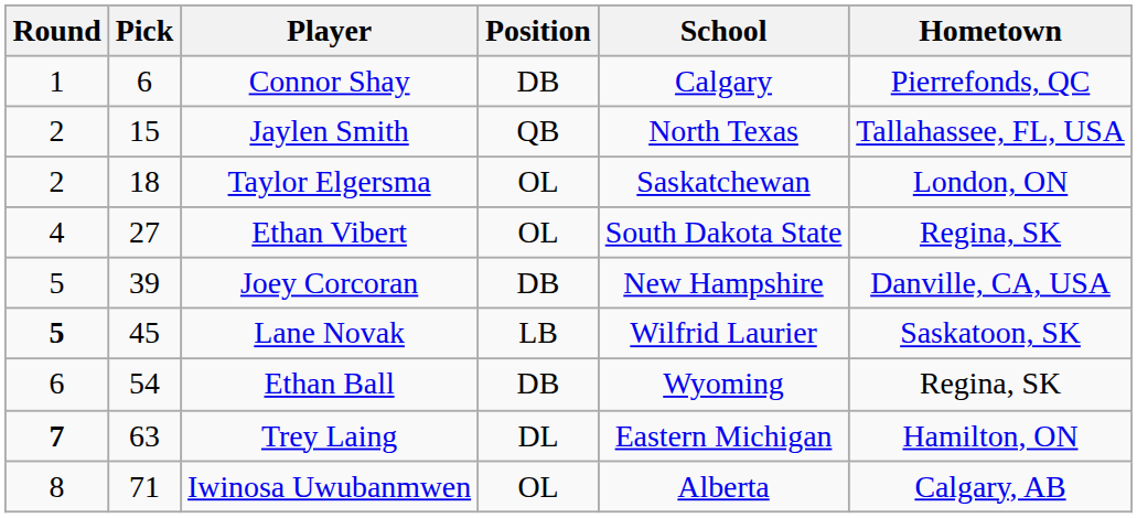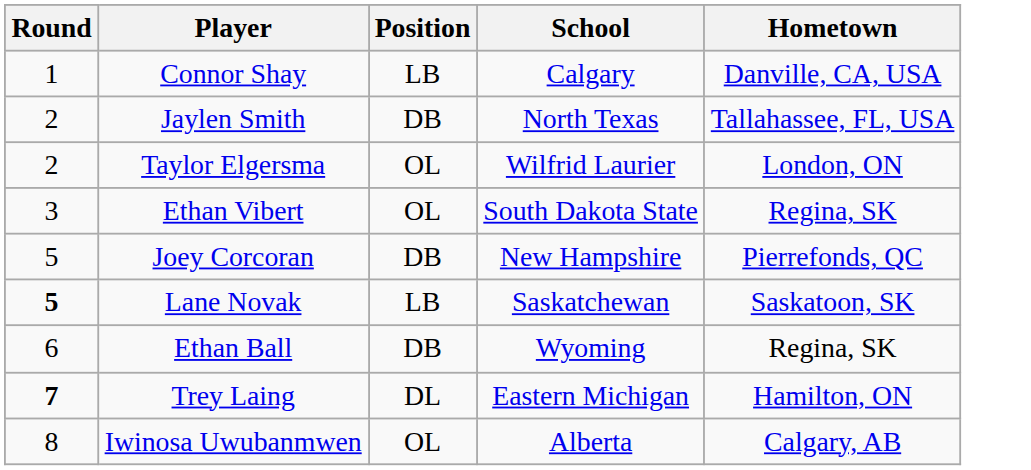 <table class="wikitable" style="font-size: 95%;">
 <tr>
 <th scope="col">Round</th>
-<th scope="col">Pick</th>
 <th scope="col">Player</th>
 <th scope="col">Position</th>
 <th scope="col">School</th>
 <th scope="col">Hometown</th>
 </tr>
 <tr align="center">
 <td align=center>1</td>
-<td>6</td>
 <td><a href='#'>Connor Shay</a></td>
-<td>DB</td>
+<td>LB</td>
 <td><a href='#'>Calgary</a></td>
-<td><a href='#'>Pierrefonds, QC</a></td>
+<td><a href='#'>Danville, CA, USA</a></td>
 </tr>
 <tr align="center">
 <td align=center>2</td>
-<td>15</td>
 <td><a href='#'>Jaylen Smith</a></td>
-<td>QB</td>
+<td>DB</td>
 <td><a href='#'>North Texas</a></td>
 <td><a href='#'>Tallahassee, FL, USA</a></td>
 </tr>
 <tr align="center">
 <td align=center>2</td>
-<td>18</td>
 <td><a href='#'>Taylor Elgersma</a></td>
 <td>OL</td>
-<td><a href='#'>Saskatchewan</a></td>
+<td><a href='#'>Wilfrid Laurier</a></td>
 <td><a href='#'>London, ON</a></td>
 </tr>
 <tr align="center">
-<td align=center>4</td>
-<td>27</td>
+<td align=center>3</td>
 <td><a href='#'>Ethan Vibert</a></td>
 <td>OL</td>
 <td><a href='#'>South Dakota State</a></td>
 <td><a href='#'>Regina, SK</a></td>
 </tr>
 <tr align="center">
 <td align=center>5</td>
-<td>39</td>
 <td><a href='#'>Joey Corcoran</a></td>
 <td>DB</td>
 <td><a href='#'>New Hampshire</a></td>
-<td><a href='#'>Danville, CA, USA</a></td>
+<td><a href='#'>Pierrefonds, QC</a></td>
 </tr>
 <tr align="center">
 <td align=center><strong>5</strong></td>
-<td>45</td>
 <td><a href='#'>Lane Novak</a></td>
 <td>LB</td>
-<td><a href='#'>Wilfrid Laurier</a></td>
+<td><a href='#'>Saskatchewan</a></td>
 <td><a href='#'>Saskatoon, SK</a></td>
 </tr>
 <tr align="center">
 <td align=center>6</td>
-<td>54</td>
 <td><a href='#'>Ethan Ball</a></td>
 <td>DB</td>
 <td><a href='#'>Wyoming</a></td>
 <td>Regina, SK</td>
 </tr>
 <tr align="center">
 <td align=center><strong>7</strong></td>
-<td>63</td>
 <td><a href='#'>Trey Laing</a></td>
 <td>DL</td>
 <td><a href='#'>Eastern Michigan</a></td>
 <td><a href='#'>Hamilton, ON</a></td>
 </tr>
 <tr align="center">
 <td align=center>8</td>
-<td>71</td>
 <td><a href='#'>Iwinosa Uwubanmwen</a></td>
 <td>OL</td>
 <td><a href='#'>Alberta</a></td>
 <td><a href='#'>Calgary, AB</a></td>
 </tr>
 </table>
